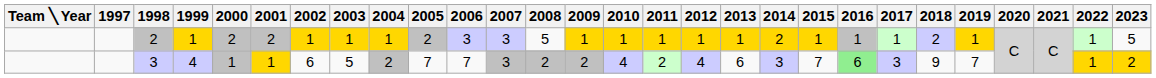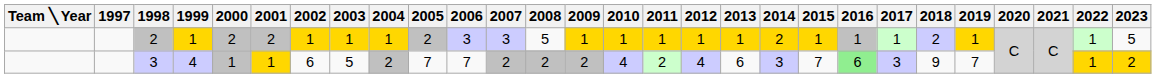 <table class=wikitable style="text-align:center; font-size:90%;">
 <tr>
 <th>Team ╲ Year</th>
 <th>1997</th>
 <th>1998</th>
 <th>1999</th>
 <th>2000</th>
 <th>2001</th>
 <th>2002</th>
 <th>2003</th>
 <th>2004</th>
 <th>2005</th>
 <th>2006</th>
 <th>2007</th>
 <th>2008</th>
 <th>2009</th>
 <th>2010</th>
 <th>2011</th>
 <th>2012</th>
 <th>2013</th>
 <th>2014</th>
 <th>2015</th>
 <th>2016</th>
 <th>2017</th>
 <th>2018</th>
 <th>2019</th>
 <th>2020</th>
 <th>2021</th>
 <th>2022</th>
 <th>2023</th>
 </tr>
 <tr>
 <td align=left><strong></strong></td>
 <td></td>
 <td bgcolor=silver>2</td>
 <td bgcolor=gold>1</td>
 <td bgcolor=silver>2</td>
 <td bgcolor=silver>2</td>
 <td bgcolor=gold>1</td>
 <td bgcolor=gold>1</td>
 <td bgcolor=gold>1</td>
 <td bgcolor=silver>2</td>
 <td bgcolor=ccccff>3</td>
 <td bgcolor=ccccff>3</td>
 <td>5</td>
 <td bgcolor=gold>1</td>
 <td bgcolor=gold>1</td>
 <td bgcolor=gold>1</td>
 <td bgcolor=gold>1</td>
 <td bgcolor=gold>1</td>
 <td bgcolor=gold>2</td>
 <td bgcolor=gold>1</td>
 <td bgcolor=silver>1</td>
 <td bgcolor=CCFFCC>1</td>
 <td bgcolor=ccccff>2</td>
 <td bgcolor=gold>1</td>
 <td bgcolor=D3D3D3 rowspan=3>C</td>
 <td bgcolor=D3D3D3 rowspan=3>C</td>
 <td bgcolor=CCFFCC>1</td>
 <td>5</td>
 </tr>
 <tr>
 <td align=left><strong></strong></td>
 <td></td>
 <td bgcolor=ccccff>3</td>
 <td bgcolor=ccccff>4</td>
 <td bgcolor=silver>1</td>
 <td bgcolor=gold>1</td>
 <td>6</td>
 <td>5</td>
 <td bgcolor=silver>2</td>
 <td>7</td>
 <td>7</td>
-<td bgcolor=silver>3</td>
+<td bgcolor=silver>2</td>
 <td bgcolor=silver>2</td>
 <td bgcolor=silver>2</td>
 <td bgcolor=ccccff>4</td>
 <td bgcolor=CCFFCC>2</td>
 <td bgcolor=ccccff>4</td>
 <td>6</td>
 <td bgcolor=ccccff>3</td>
 <td>7</td>
 <td style="background: lightgreen;">6</td>
 <td bgcolor=ccccff>3</td>
 <td>9</td>
 <td>7</td>
 <td bgcolor=gold>1</td>
 <td bgcolor=gold>2</td>
 </tr>
 </table>
